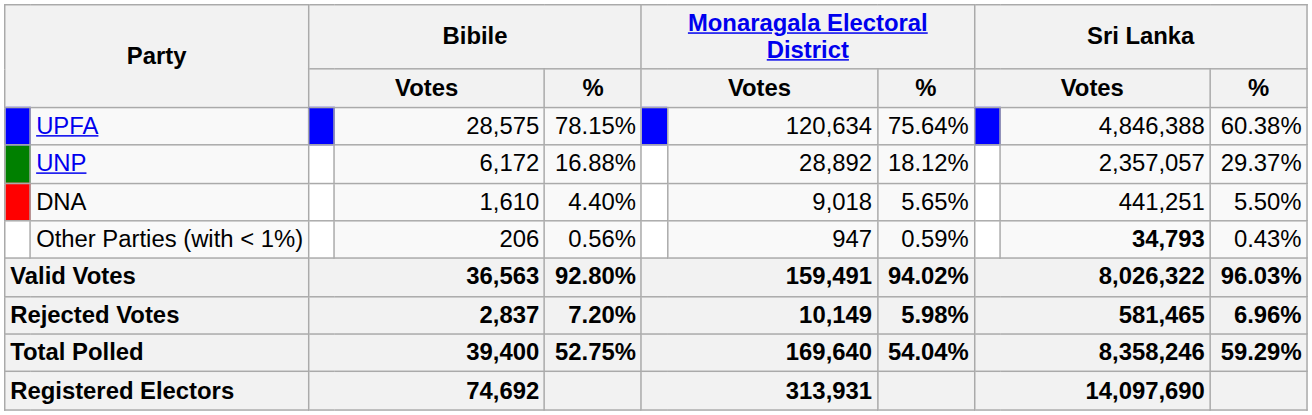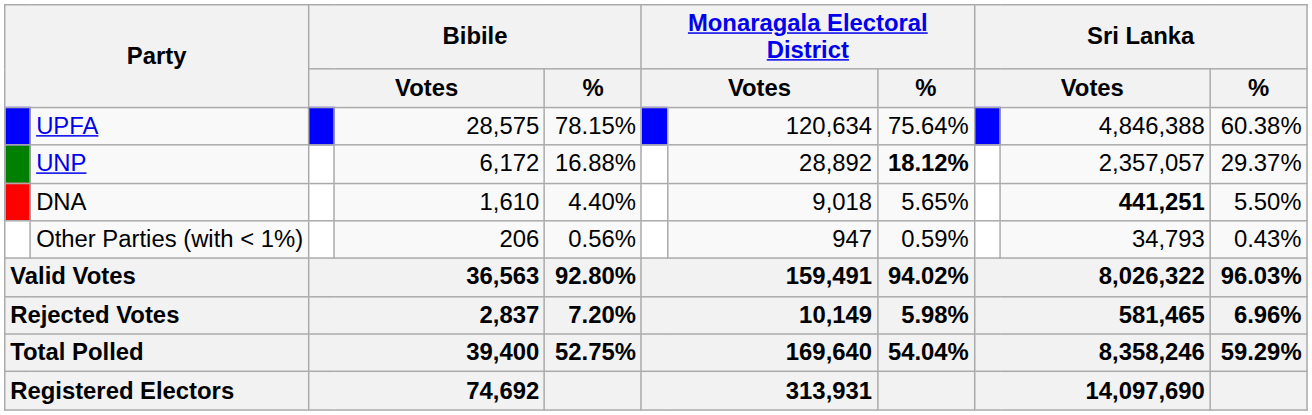 <table class="wikitable">
 <tr>
 <th colspan="2" width="144px"rowspan="2">Party</th>
 <th colspan="3" width="216px">Bibile</th>
 <th colspan="3" width="216px"><a href='#'>Monaragala Electoral District</a></th>
 <th colspan="3" width="216px">Sri Lanka</th>
 </tr>
 <tr>
 <th colspan="2" width="144px">Votes</th>
 <th>%</th>
 <th colspan="2" width="144px">Votes</th>
 <th>%</th>
 <th colspan="2" width="144px">Votes</th>
 <th>%</th>
 </tr>
 <tr>
 <td style="background-color:blue;" width="10px"></td>
 <td style="text-align:left;"><a href='#'>UPFA</a></td>
 <td style="background-color:blue;" width="10px"></td>
 <td style="text-align:right;">28,575</td>
 <td style="text-align:right;">78.15%</td>
 <td style="background-color:blue;" width="10px"></td>
 <td style="text-align:right;">120,634</td>
 <td style="text-align:right;">75.64%</td>
 <td style="background-color:blue;" width="10px"></td>
 <td style="text-align:right;">4,846,388</td>
 <td style="text-align:right;">60.38%</td>
 </tr>
 <tr>
 <td style="background-color:green;" width="10px"></td>
 <td style="text-align:left;"><a href='#'>UNP</a></td>
 <td style="background-color:white;" width="10px"></td>
 <td style="text-align:right;">6,172</td>
 <td style="text-align:right;">16.88%</td>
 <td style="background-color:white;" width="10px"></td>
 <td style="text-align:right;">28,892</td>
-<td style="text-align:right;">18.12%</td>
+<td style="text-align:right;"><strong>18.12%</strong></td>
 <td style="background-color:white;" width="10px"></td>
 <td style="text-align:right;">2,357,057</td>
 <td style="text-align:right;">29.37%</td>
 </tr>
 <tr>
 <td style="background-color:red;" width="10px"></td>
 <td style="text-align:left;">DNA</td>
 <td style="background-color:white;" width="10px"></td>
 <td style="text-align:right;">1,610</td>
 <td style="text-align:right;">4.40%</td>
 <td style="background-color:white;" width="10px"></td>
 <td style="text-align:right;">9,018</td>
 <td style="text-align:right;">5.65%</td>
 <td style="background-color:white;" width="10px"></td>
-<td style="text-align:right;">441,251</td>
+<td style="text-align:right;"><strong>441,251</strong></td>
 <td style="text-align:right;">5.50%</td>
 </tr>
 <tr>
 <td style="background-color:white;" width="10px"></td>
 <td style="text-align:left;">Other Parties (with < 1%)</td>
 <td style="background-color:white;" width="10px"></td>
 <td style="text-align:right;">206</td>
 <td style="text-align:right;">0.56%</td>
 <td style="background-color:white;" width="10px"></td>
 <td style="text-align:right;">947</td>
 <td style="text-align:right;">0.59%</td>
 <td style="background-color:white;" width="10px"></td>
-<td style="text-align:right;"><strong>34,793</strong></td>
+<td style="text-align:right;">34,793</td>
 <td style="text-align:right;">0.43%</td>
 </tr>
 <tr>
 <th colspan="2" width="144px"style="text-align:left;">Valid Votes</th>
 <th style="text-align:right;"colspan="2" width="144px">36,563</th>
 <th style="text-align:right;">92.80%</th>
 <th style="text-align:right;"colspan="2" width="144px">159,491</th>
 <th style="text-align:right;">94.02%</th>
 <th style="text-align:right;"colspan="2" width="144px">8,026,322</th>
 <th style="text-align:right;">96.03%</th>
 </tr>
 <tr>
 <th colspan="2" width="144px"style="text-align:left;">Rejected Votes</th>
 <th style="text-align:right;"colspan="2" width="144px">2,837</th>
 <th style="text-align:right;">7.20%</th>
 <th style="text-align:right;"colspan="2" width="144px">10,149</th>
 <th style="text-align:right;">5.98%</th>
 <th style="text-align:right;"colspan="2" width="144px">581,465</th>
 <th style="text-align:right;">6.96%</th>
 </tr>
 <tr>
 <th colspan="2" width="144px"style="text-align:left;">Total Polled</th>
 <th style="text-align:right;"colspan="2" width="144px">39,400</th>
 <th style="text-align:right;">52.75%</th>
 <th style="text-align:right;"colspan="2" width="144px">169,640</th>
 <th style="text-align:right;">54.04%</th>
 <th style="text-align:right;"colspan="2" width="144px">8,358,246</th>
 <th style="text-align:right;">59.29%</th>
 </tr>
 <tr>
 <th colspan="2" width="144px"style="text-align:left;">Registered Electors</th>
 <th style="text-align:right;"colspan="2" width="144px">74,692</th>
 <th></th>
 <th style="text-align:right;"colspan="2" width="144px">313,931</th>
 <th></th>
 <th style="text-align:right;"colspan="2" width="144px">14,097,690</th>
 <th></th>
 </tr>
 </table>
